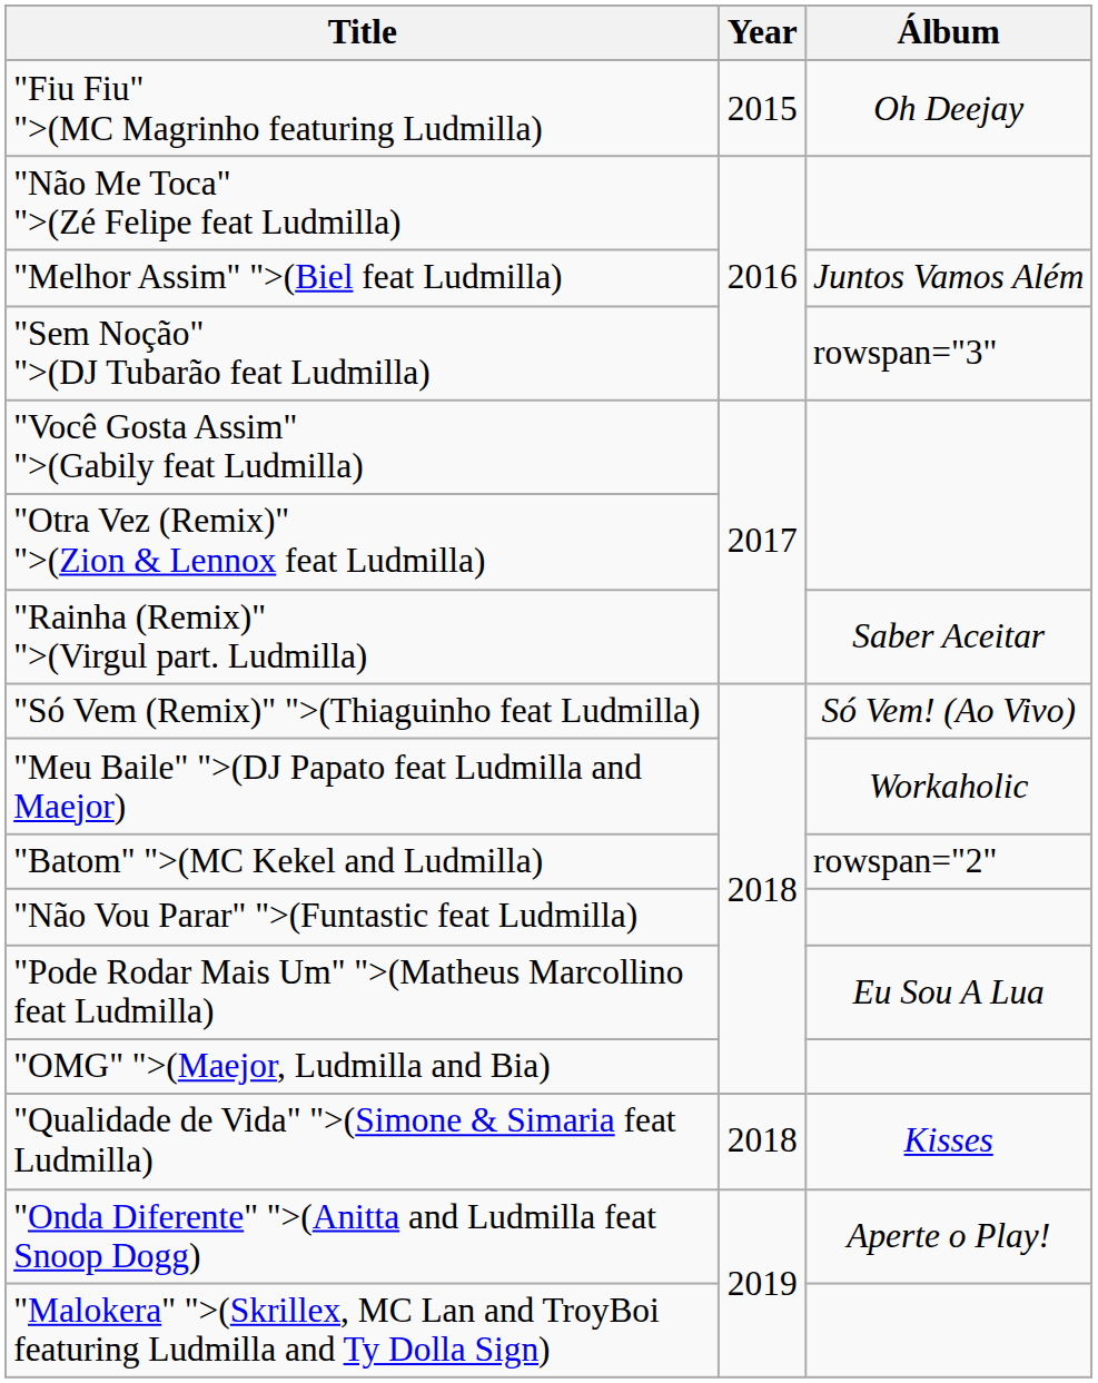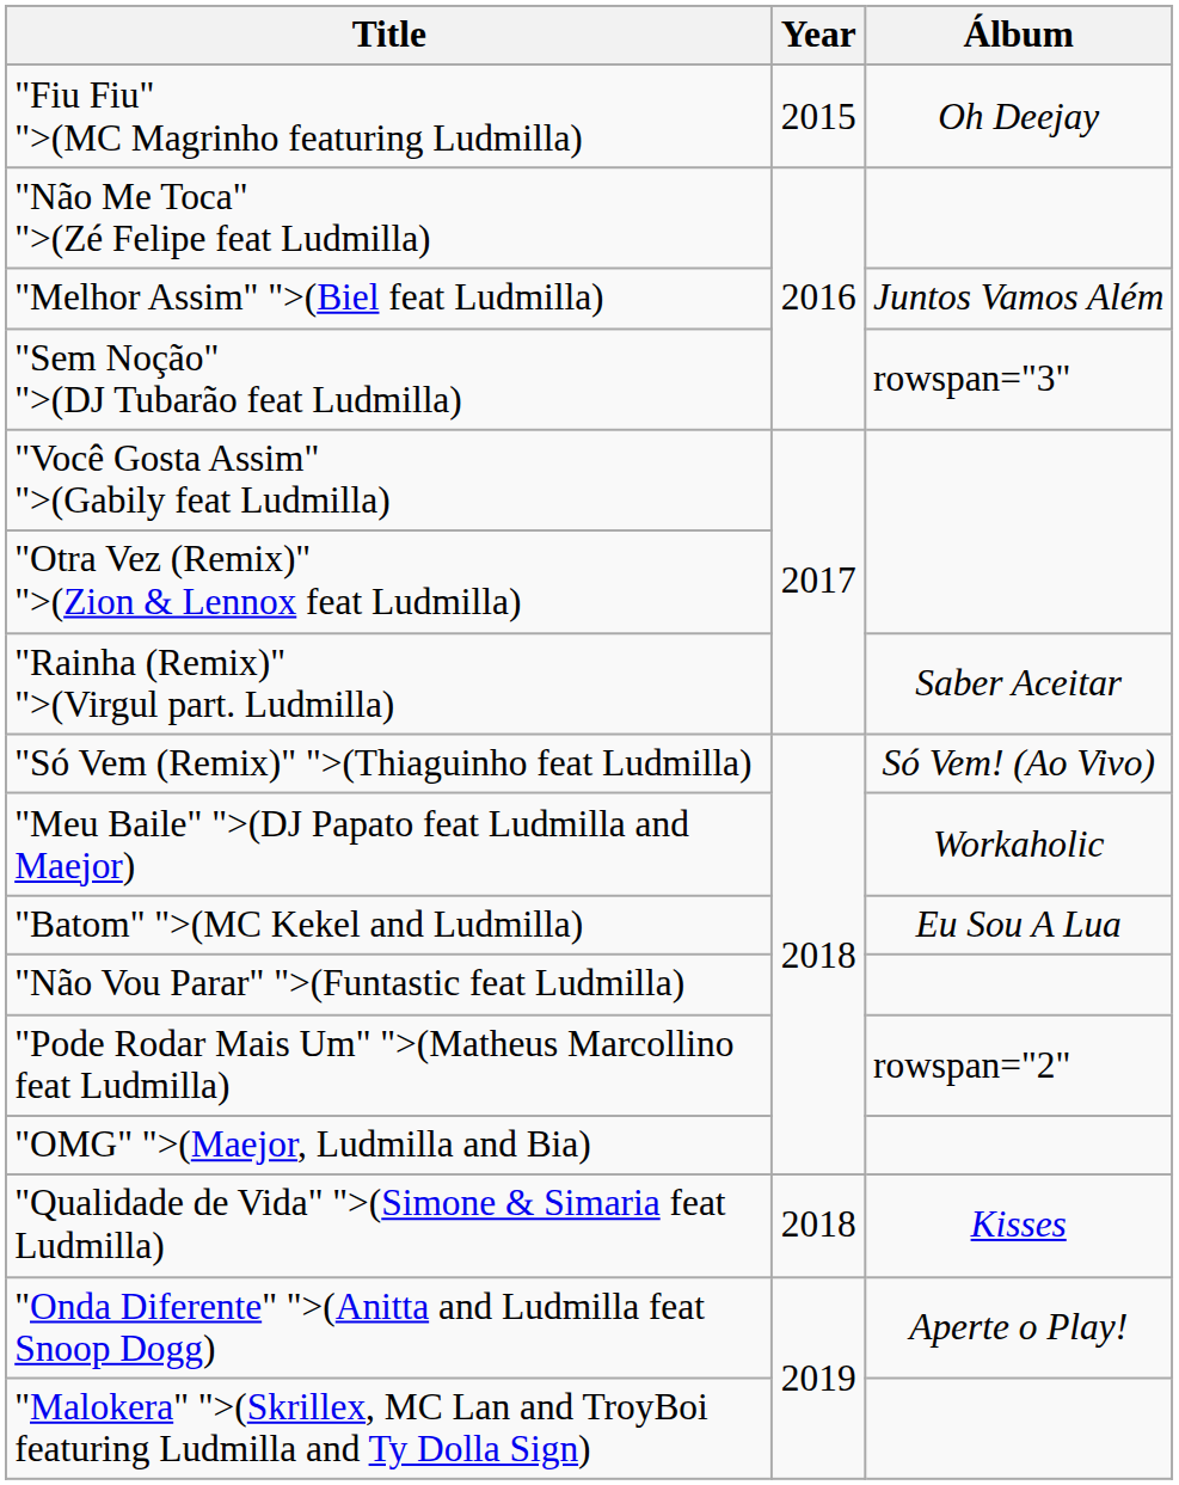 <table class="wikitable">
 <tr>
 <th style="width:20em;">Title</th>
 <th>Year</th>
 <th>Álbum</th>
 </tr>
 <tr>
 <td>"Fiu Fiu"<br><span>">(MC Magrinho featuring Ludmilla)</span></td>
 <td>2015</td>
 <td align="center"><em>Oh Deejay</em></td>
 </tr>
 <tr>
 <td>"Não Me Toca"<br><span>">(Zé Felipe feat Ludmilla)</span></td>
 <td rowspan="3">2016</td>
 <td></td>
 </tr>
 <tr>
 <td>"Melhor Assim" <span>">(<a href='#'>Biel</a> feat Ludmilla)</span></td>
 <td align="center"><em>Juntos Vamos Além</em></td>
 </tr>
 <tr>
 <td>"Sem Noção"<br><span>">(DJ Tubarão feat Ludmilla)</span></td>
 <td>rowspan="3" </td>
 </tr>
 <tr>
 <td>"Você Gosta Assim"<br><span>">(Gabily feat Ludmilla)</span></td>
 <td rowspan="3">2017</td>
 </tr>
 <tr>
 <td>"Otra Vez (Remix)"<br><span>">(<a href='#'>Zion & Lennox</a> feat Ludmilla)</span></td>
 </tr>
 <tr>
 <td>"Rainha (Remix)"<br><span>">(Virgul part. Ludmilla)</span></td>
 <td align="center"><em>Saber Aceitar</em></td>
 </tr>
 <tr>
 <td>"Só Vem (Remix)" <span>">(Thiaguinho feat Ludmilla)</span></td>
 <td rowspan="6">2018</td>
 <td align="center"><em>Só Vem! (Ao Vivo)</em></td>
 </tr>
 <tr>
 <td>"Meu Baile" <span>">(DJ Papato feat Ludmilla and <a href='#'>Maejor</a>)</span></td>
 <td align="center"><em>Workaholic</em></td>
 </tr>
 <tr>
 <td>"Batom" <span>">(MC Kekel and Ludmilla)</span></td>
-<td>rowspan="2" </td>
+<td align="center"><em>Eu Sou A Lua</em></td>
 </tr>
 <tr>
 <td>"Não Vou Parar" <span>">(Funtastic feat Ludmilla)</span></td>
 </tr>
 <tr>
 <td>"Pode Rodar Mais Um" <span>">(Matheus Marcollino feat Ludmilla)</span></td>
-<td align="center"><em>Eu Sou A Lua</em></td>
+<td>rowspan="2" </td>
 </tr>
 <tr>
 <td>"OMG" <span>">(<a href='#'>Maejor</a>, Ludmilla and Bia)</span></td>
 <td></td>
 </tr>
 <tr>
 <td>"Qualidade de Vida" <span>">(<a href='#'>Simone & Simaria</a> feat Ludmilla)</span></td>
 <td>2018</td>
 <td align="center"><em><a href='#'>Kisses</a></em></td>
 </tr>
 <tr>
 <td>"<a href='#'>Onda Diferente</a>" <span>">(<a href='#'>Anitta</a> and Ludmilla feat <a href='#'>Snoop Dogg</a>)</span></td>
 <td rowspan="2">2019</td>
 <td align="center"><em>Aperte o Play!</em></td>
 </tr>
 <tr>
 <td>"<a href='#'>Malokera</a>" <span>">(<a href='#'>Skrillex</a>, MC Lan and TroyBoi featuring Ludmilla and <a href='#'>Ty Dolla Sign</a>)</span></td>
 <td></td>
 </tr>
 </table>
